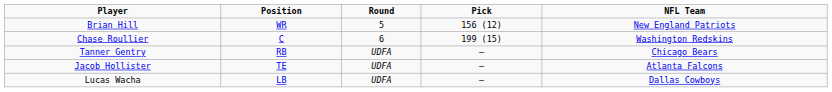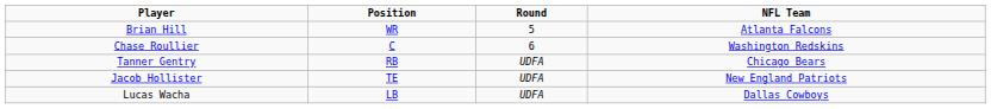 <table class="wikitable" width="80%">
 <tr align="center">
 <td><strong>Player</strong></td>
 <td><strong>Position</strong></td>
 <td><strong>Round</strong></td>
-<td><strong>Pick</strong></td>
 <td><strong>NFL Team</strong></td>
 </tr>
 <tr align="center" bgcolor="">
 <td><a href='#'>Brian Hill</a></td>
 <td><a href='#'>WR</a></td>
 <td>5</td>
-<td>156 (12)</td>
-<td><a href='#'>New England Patriots</a></td>
+<td><a href='#'>Atlanta Falcons</a></td>
 </tr>
 <tr align="center" bgcolor="">
 <td><a href='#'>Chase Roullier</a></td>
 <td><a href='#'>C</a></td>
 <td>6</td>
-<td>199 (15)</td>
 <td><a href='#'>Washington Redskins</a></td>
 </tr>
 <tr align="center" bgcolor="">
 <td><a href='#'>Tanner Gentry</a></td>
 <td><a href='#'>RB</a></td>
 <td><em>UDFA</em></td>
-<td>–</td>
 <td><a href='#'>Chicago Bears</a></td>
 </tr>
 <tr align="center" bgcolor="">
 <td><a href='#'>Jacob Hollister</a></td>
 <td><a href='#'>TE</a></td>
 <td><em>UDFA</em></td>
-<td>–</td>
-<td><a href='#'>Atlanta Falcons</a></td>
+<td><a href='#'>New England Patriots</a></td>
 </tr>
 <tr align="center" bgcolor="">
 <td>Lucas Wacha</td>
 <td><a href='#'>LB</a></td>
 <td><em>UDFA</em></td>
-<td>–</td>
 <td><a href='#'>Dallas Cowboys</a></td>
 </tr>
 </table>
